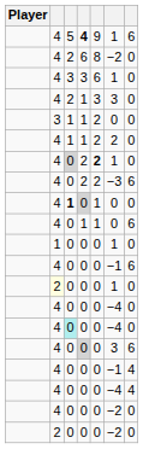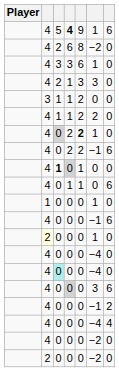 <table class="wikitable sortable" style="text-align:center;">
 <tr>
 <th>Player</th>
 <th></th>
 <th></th>
 <th></th>
 <th></th>
 <th data-sort-type="number"></th>
 <th></th>
 </tr>
 <tr>
 <td></td>
 <td>4</td>
 <td>5</td>
 <td><strong>4</strong></td>
 <td>9</td>
 <td>1</td>
 <td>6</td>
 </tr>
 <tr>
 <td></td>
 <td>4</td>
 <td>2</td>
 <td>6</td>
 <td>8</td>
 <td>−2</td>
 <td>0</td>
 </tr>
 <tr>
 <td></td>
 <td>4</td>
 <td>3</td>
 <td>3</td>
 <td>6</td>
 <td>1</td>
 <td>0</td>
 </tr>
 <tr>
 <td></td>
 <td>4</td>
 <td>2</td>
 <td>1</td>
 <td>3</td>
 <td>3</td>
 <td>0</td>
 </tr>
 <tr>
 <td></td>
 <td>3</td>
 <td>1</td>
 <td>1</td>
 <td>2</td>
 <td>0</td>
 <td>0</td>
 </tr>
 <tr>
 <td></td>
 <td>4</td>
 <td>1</td>
 <td>1</td>
 <td>2</td>
 <td>2</td>
 <td>0</td>
 </tr>
 <tr>
 <td></td>
 <td>4</td>
 <td style="background: lightgrey;">0</td>
 <td>2</td>
 <td><strong>2</strong></td>
 <td>1</td>
 <td>0</td>
 </tr>
 <tr>
 <td></td>
 <td>4</td>
 <td>0</td>
 <td>2</td>
 <td>2</td>
-<td>−3</td>
+<td>−1</td>
 <td>6</td>
 </tr>
 <tr>
 <td></td>
 <td>4</td>
 <td><strong>1</strong></td>
 <td style="background: lightgrey;">0</td>
 <td>1</td>
 <td>0</td>
 <td>0</td>
 </tr>
 <tr>
 <td></td>
 <td>4</td>
 <td>0</td>
 <td>1</td>
 <td>1</td>
 <td>0</td>
 <td>6</td>
 </tr>
 <tr>
 <td></td>
 <td>1</td>
 <td>0</td>
 <td>0</td>
 <td>0</td>
 <td>1</td>
 <td>0</td>
 </tr>
 <tr>
 <td></td>
 <td>4</td>
 <td>0</td>
 <td>0</td>
 <td>0</td>
 <td>−1</td>
 <td>6</td>
 </tr>
 <tr>
 <td></td>
 <td style="background: lightyellow;">2</td>
 <td>0</td>
 <td>0</td>
 <td>0</td>
 <td>1</td>
 <td>0</td>
 </tr>
 <tr>
 <td></td>
 <td>4</td>
 <td>0</td>
 <td>0</td>
 <td>0</td>
 <td>−4</td>
 <td>0</td>
 </tr>
 <tr>
 <td></td>
 <td>4</td>
 <td style="background: paleturquoise;">0</td>
 <td>0</td>
 <td>0</td>
 <td>−4</td>
 <td>0</td>
 </tr>
 <tr>
 <td></td>
 <td>4</td>
 <td>0</td>
 <td style="background: lightgrey;">0</td>
 <td>0</td>
 <td>3</td>
 <td>6</td>
 </tr>
 <tr>
 <td></td>
 <td>4</td>
 <td>0</td>
 <td>0</td>
 <td>0</td>
 <td>−1</td>
-<td>4</td>
+<td>2</td>
 </tr>
 <tr>
 <td></td>
 <td>4</td>
 <td>0</td>
 <td>0</td>
 <td>0</td>
 <td>−4</td>
 <td>4</td>
 </tr>
 <tr>
 <td></td>
 <td>4</td>
 <td>0</td>
 <td>0</td>
 <td>0</td>
 <td>−2</td>
 <td>0</td>
 </tr>
 <tr>
 <td></td>
 <td>2</td>
 <td>0</td>
 <td>0</td>
 <td>0</td>
 <td>−2</td>
 <td>0</td>
 </tr>
 </table>
